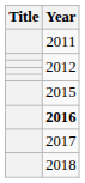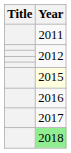 <table class="wikitable" style="text-align: center">
 <tr>
 <th>Title</th>
 <th>Year</th>
 </tr>
 <tr>
 <th></th>
 <td>2011</td>
 </tr>
 <tr>
 <th></th>
 <td rowspan="4">2012</td>
 </tr>
 <tr>
 <th></th>
 </tr>
 <tr>
 <th></th>
 </tr>
 <tr>
 <th></th>
 </tr>
 <tr>
 <th></th>
-<td>2015</td>
+<td style="background: lightyellow;">2015</td>
 </tr>
 <tr>
 <th></th>
-<td><strong>2016</strong></td>
+<td>2016</td>
 </tr>
 <tr>
 <th></th>
 <td>2017</td>
 </tr>
 <tr>
 <th></th>
-<td>2018</td>
+<td style="background: lightgreen;">2018</td>
 </tr>
 </table>
